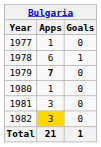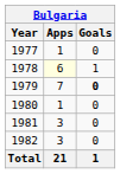 <table class="wikitable" style="text-align:center">
 <tr>
 <th colspan=3><a href='#'>Bulgaria</a></th>
 </tr>
 <tr>
 <th>Year</th>
 <th>Apps</th>
 <th>Goals</th>
 </tr>
 <tr>
 <td>1977</td>
 <td>1</td>
 <td>0</td>
 </tr>
 <tr>
 <td>1978</td>
-<td>6</td>
+<td style="background: lightyellow;">6</td>
 <td>1</td>
 </tr>
 <tr>
 <td>1979</td>
-<td><strong>7</strong></td>
-<td>0</td>
+<td>7</td>
+<td><strong>0</strong></td>
 </tr>
 <tr>
 <td>1980</td>
 <td>1</td>
 <td>0</td>
 </tr>
 <tr>
 <td>1981</td>
 <td>3</td>
 <td>0</td>
 </tr>
 <tr>
 <td>1982</td>
-<td style="background: gold;">3</td>
+<td>3</td>
 <td>0</td>
 </tr>
 <tr>
 <th>Total</th>
 <th>21</th>
 <th>1</th>
 </tr>
 </table>
